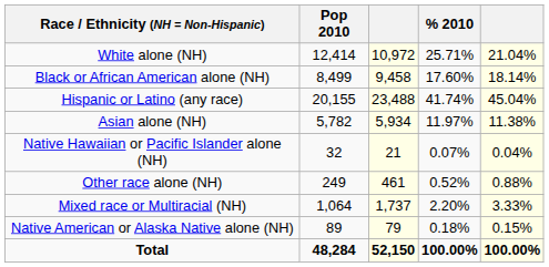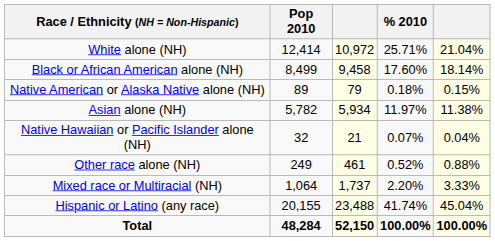 <table class="wikitable" style="text-align:center;">
 <tr>
 <th>Race / Ethnicity <small>(<em>NH = Non-Hispanic</em>)</small></th>
 <th>Pop 2010</th>
 <th></th>
 <th>% 2010</th>
 <th></th>
 </tr>
 <tr>
 <td><a href='#'>White</a> alone (NH)</td>
 <td>12,414</td>
 <td style='background: #ffffe6;'>10,972</td>
 <td>25.71%</td>
 <td style='background: #ffffe6;'>21.04%</td>
 </tr>
 <tr>
 <td><a href='#'>Black or African American</a> alone (NH)</td>
 <td>8,499</td>
 <td style='background: #ffffe6;'>9,458</td>
 <td>17.60%</td>
 <td style='background: #ffffe6;'>18.14%</td>
 </tr>
 <tr>
-<td><a href='#'>Hispanic or Latino</a> (any race)</td>
-<td>20,155</td>
-<td style='background: #ffffe6;'>23,488</td>
-<td>41.74%</td>
-<td style='background: #ffffe6;'>45.04%</td>
+<td><a href='#'>Native American</a> or <a href='#'>Alaska Native</a> alone (NH)</td>
+<td>89</td>
+<td style='background: #ffffe6;'>79</td>
+<td>0.18%</td>
+<td style='background: #ffffe6;'>0.15%</td>
 </tr>
 <tr>
 <td><a href='#'>Asian</a> alone (NH)</td>
 <td>5,782</td>
 <td style='background: #ffffe6;'>5,934</td>
 <td>11.97%</td>
 <td style='background: #ffffe6;'>11.38%</td>
 </tr>
 <tr>
 <td><a href='#'>Native Hawaiian</a> or <a href='#'>Pacific Islander</a> alone (NH)</td>
 <td>32</td>
 <td style='background: #ffffe6;'>21</td>
 <td>0.07%</td>
 <td style='background: #ffffe6;'>0.04%</td>
 </tr>
 <tr>
 <td><a href='#'>Other race</a> alone (NH)</td>
 <td>249</td>
 <td style='background: #ffffe6;'>461</td>
 <td>0.52%</td>
 <td style='background: #ffffe6;'>0.88%</td>
 </tr>
 <tr>
 <td><a href='#'>Mixed race or Multiracial</a> (NH)</td>
 <td>1,064</td>
 <td style='background: #ffffe6;'>1,737</td>
 <td>2.20%</td>
 <td style='background: #ffffe6;'>3.33%</td>
 </tr>
 <tr>
-<td><a href='#'>Native American</a> or <a href='#'>Alaska Native</a> alone (NH)</td>
-<td>89</td>
-<td style='background: #ffffe6;'>79</td>
-<td>0.18%</td>
-<td style='background: #ffffe6;'>0.15%</td>
+<td><a href='#'>Hispanic or Latino</a> (any race)</td>
+<td>20,155</td>
+<td style='background: #ffffe6;'>23,488</td>
+<td>41.74%</td>
+<td style='background: #ffffe6;'>45.04%</td>
 </tr>
 <tr>
 <td><strong>Total</strong></td>
 <td><strong>48,284</strong></td>
 <td style='background: #ffffe6;'><strong>52,150</strong></td>
 <td><strong>100.00%</strong></td>
 <td style='background: #ffffe6;'><strong>100.00%</strong></td>
 </tr>
 </table>
